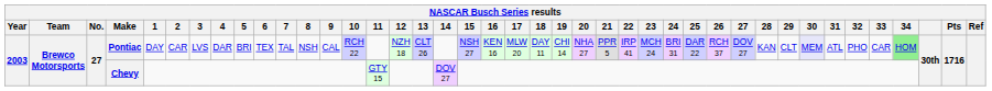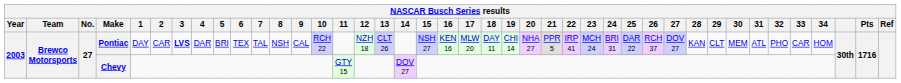 <table class="wikitable" style="text-align:center; font-size:75%">
 <tr>
 <th colspan=42><a href='#'>NASCAR Busch Series</a> results</th>
 </tr>
 <tr>
 <th>Year</th>
 <th>Team</th>
 <th>No.</th>
 <th>Make</th>
 <th>1</th>
 <th>2</th>
 <th>3</th>
 <th>4</th>
 <th>5</th>
 <th>6</th>
 <th>7</th>
 <th>8</th>
 <th>9</th>
 <th>10</th>
 <th>11</th>
 <th>12</th>
 <th>13</th>
 <th>14</th>
 <th>15</th>
 <th>16</th>
 <th>17</th>
 <th>18</th>
 <th>19</th>
 <th>20</th>
 <th>21</th>
 <th>22</th>
 <th>23</th>
 <th>24</th>
 <th>25</th>
 <th>26</th>
 <th>27</th>
 <th>28</th>
 <th>29</th>
 <th>30</th>
 <th>31</th>
 <th>32</th>
 <th>33</th>
 <th>34</th>
 <th></th>
 <th>Pts</th>
 <th>Ref</th>
 </tr>
 <tr>
 <th rowspan=2><a href='#'>2003</a></th>
 <th rowspan=2><a href='#'>Brewco Motorsports</a></th>
 <th rowspan=2>27</th>
 <th><a href='#'>Pontiac</a></th>
 <td><a href='#'>DAY</a></td>
 <td><a href='#'>CAR</a></td>
-<td><a href='#'>LVS</a></td>
+<td><strong><a href='#'>LVS</a></strong></td>
 <td><a href='#'>DAR</a></td>
 <td><a href='#'>BRI</a></td>
 <td><a href='#'>TEX</a></td>
 <td><a href='#'>TAL</a></td>
 <td><a href='#'>NSH</a></td>
 <td><a href='#'>CAL</a></td>
 <td style="background:#CFCFFF;"><a href='#'>RCH</a><br><small>22</small></td>
 <td></td>
 <td style="background:#DFFFDF;"><a href='#'>NZH</a><br><small>18</small></td>
 <td style="background:#CFCFFF;"><a href='#'>CLT</a><br><small>26</small></td>
 <td></td>
 <td style="background:#CFCFFF;"><a href='#'>NSH</a><br><small>27</small></td>
 <td style="background:#DFFFDF;"><a href='#'>KEN</a><br><small>16</small></td>
 <td style="background:#DFFFDF;"><a href='#'>MLW</a><br><small>20</small></td>
 <td style="background:#DFFFDF;"><a href='#'>DAY</a><br><small>11</small></td>
 <td style="background:#DFFFDF;"><a href='#'>CHI</a><br><small>14</small></td>
 <td style="background:#EFCFFF;"><a href='#'>NHA</a><br><small>27</small></td>
 <td style="background:#DFDFDF;"><a href='#'>PPR</a><br><small>5</small></td>
 <td style="background:#EFCFFF;"><a href='#'>IRP</a><br><small>41</small></td>
 <td style="background:#CFCFFF;"><a href='#'>MCH</a><br><small>24</small></td>
 <td style="background:#EFCFFF;"><a href='#'>BRI</a><br><small>31</small></td>
 <td style="background:#CFCFFF;"><a href='#'>DAR</a><br><small>22</small></td>
 <td style="background:#EFCFFF;"><a href='#'>RCH</a><br><small>37</small></td>
 <td style="background:#CFCFFF;"><a href='#'>DOV</a><br><small>27</small></td>
 <td><a href='#'>KAN</a></td>
 <td><a href='#'>CLT</a></td>
-<td style="background: lavender;"><a href='#'>MEM</a></td>
+<td><a href='#'>MEM</a></td>
 <td><a href='#'>ATL</a></td>
 <td><a href='#'>PHO</a></td>
 <td><a href='#'>CAR</a></td>
-<td style="background: lightgreen;"><a href='#'>HOM</a></td>
+<td><a href='#'>HOM</a></td>
 <th rowspan=2>30th</th>
 <th rowspan=2>1716</th>
 <th rowspan=2></th>
 </tr>
 <tr>
 <th><a href='#'>Chevy</a></th>
 <td colspan=10></td>
 <td style="background:#DFFFDF;"><a href='#'>GTY</a><br><small>15</small></td>
 <td colspan=2></td>
 <td style="background:#EFCFFF;"><a href='#'>DOV</a><br><small>27</small></td>
 <td colspan=20></td>
 </tr>
 </table>
